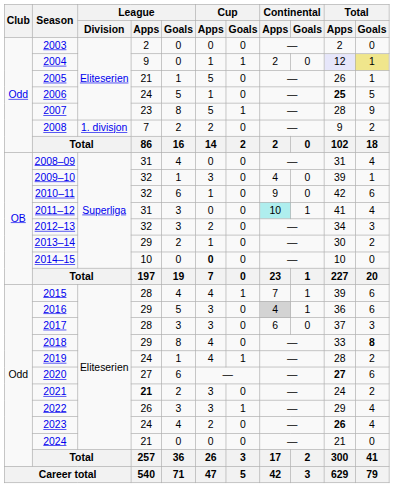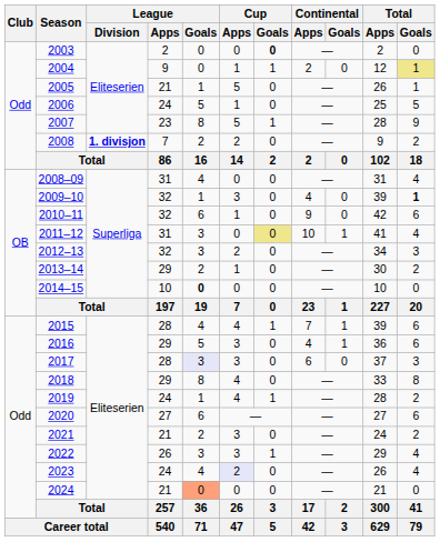 <table class="wikitable" style="text-align: center;">
 <tr>
 <th rowspan="2">Club</th>
 <th rowspan="2">Season</th>
 <th colspan="3">League</th>
 <th colspan="2">Cup</th>
 <th colspan="2">Continental</th>
 <th colspan="2">Total</th>
 </tr>
 <tr>
 <th>Division</th>
 <th>Apps</th>
 <th>Goals</th>
 <th>Apps</th>
 <th>Goals</th>
 <th>Apps</th>
 <th>Goals</th>
 <th>Apps</th>
 <th>Goals</th>
 </tr>
 <tr>
 <td rowspan="7" valign="center"><a href='#'>Odd</a></td>
 <td><a href='#'>2003</a></td>
 <td rowspan="5" valign="center"><a href='#'>Eliteserien</a></td>
 <td>2</td>
 <td>0</td>
 <td>0</td>
-<td>0</td>
+<td><strong>0</strong></td>
 <td colspan="2">—</td>
 <td>2</td>
 <td>0</td>
 </tr>
 <tr>
 <td><a href='#'>2004</a></td>
 <td>9</td>
 <td>0</td>
 <td>1</td>
 <td>1</td>
 <td>2</td>
 <td>0</td>
-<td style="background: lavender;">12</td>
+<td>12</td>
 <td style="background: khaki;">1</td>
 </tr>
 <tr>
 <td><a href='#'>2005</a></td>
 <td>21</td>
 <td>1</td>
 <td>5</td>
 <td>0</td>
 <td colspan="2">—</td>
 <td>26</td>
 <td>1</td>
 </tr>
 <tr>
 <td><a href='#'>2006</a></td>
 <td>24</td>
 <td>5</td>
 <td>1</td>
 <td>0</td>
 <td colspan="2">—</td>
-<td><strong>25</strong></td>
+<td>25</td>
 <td>5</td>
 </tr>
 <tr>
 <td><a href='#'>2007</a></td>
 <td>23</td>
 <td>8</td>
 <td>5</td>
 <td>1</td>
 <td colspan="2">—</td>
 <td>28</td>
 <td>9</td>
 </tr>
 <tr>
 <td><a href='#'>2008</a></td>
-<td><a href='#'>1. divisjon</a></td>
+<td><strong><a href='#'>1. divisjon</a></strong></td>
 <td>7</td>
 <td>2</td>
 <td>2</td>
 <td>0</td>
 <td colspan="2">—</td>
 <td>9</td>
 <td>2</td>
 </tr>
 <tr>
 <th colspan="2">Total</th>
 <th>86</th>
 <th>16</th>
 <th>14</th>
 <th>2</th>
 <th>2</th>
 <th>0</th>
 <th>102</th>
 <th>18</th>
 </tr>
 <tr>
 <td rowspan="8" valign="center"><a href='#'>OB</a></td>
 <td><a href='#'>2008–09</a></td>
 <td rowspan="7" valign="center"><a href='#'>Superliga</a></td>
 <td>31</td>
 <td>4</td>
 <td>0</td>
 <td>0</td>
 <td colspan="2">—</td>
 <td>31</td>
 <td>4</td>
 </tr>
 <tr>
 <td><a href='#'>2009–10</a></td>
 <td>32</td>
 <td>1</td>
 <td>3</td>
 <td>0</td>
 <td>4</td>
 <td>0</td>
 <td>39</td>
-<td>1</td>
+<td><strong>1</strong></td>
 </tr>
 <tr>
 <td><a href='#'>2010–11</a></td>
 <td>32</td>
 <td>6</td>
 <td>1</td>
 <td>0</td>
 <td>9</td>
 <td>0</td>
 <td>42</td>
 <td>6</td>
 </tr>
 <tr>
 <td><a href='#'>2011–12</a></td>
 <td>31</td>
 <td>3</td>
 <td>0</td>
-<td>0</td>
-<td style="background: paleturquoise;">10</td>
+<td style="background: khaki;">0</td>
+<td>10</td>
 <td>1</td>
 <td>41</td>
 <td>4</td>
 </tr>
 <tr>
 <td><a href='#'>2012–13</a></td>
 <td>32</td>
 <td>3</td>
 <td>2</td>
 <td>0</td>
 <td colspan="2">—</td>
 <td>34</td>
 <td>3</td>
 </tr>
 <tr>
 <td><a href='#'>2013–14</a></td>
 <td>29</td>
 <td>2</td>
 <td>1</td>
 <td>0</td>
 <td colspan="2">—</td>
 <td>30</td>
 <td>2</td>
 </tr>
 <tr>
 <td><a href='#'>2014–15</a></td>
 <td>10</td>
+<td><strong>0</strong></td>
 <td>0</td>
-<td><strong>0</strong></td>
 <td>0</td>
 <td colspan="2">—</td>
 <td>10</td>
 <td>0</td>
 </tr>
 <tr>
 <th colspan="2">Total</th>
 <th>197</th>
 <th>19</th>
 <th>7</th>
 <th>0</th>
 <th>23</th>
 <th>1</th>
 <th>227</th>
 <th>20</th>
 </tr>
 <tr>
 <td rowspan="11" valign="center">Odd</td>
 <td><a href='#'>2015</a></td>
 <td rowspan="10" valign="center">Eliteserien</td>
 <td>28</td>
 <td>4</td>
 <td>4</td>
 <td>1</td>
 <td>7</td>
 <td>1</td>
 <td>39</td>
 <td>6</td>
 </tr>
 <tr>
 <td><a href='#'>2016</a></td>
 <td>29</td>
 <td>5</td>
 <td>3</td>
 <td>0</td>
-<td style="background: lightgrey;">4</td>
+<td>4</td>
 <td>1</td>
 <td>36</td>
 <td>6</td>
 </tr>
 <tr>
 <td><a href='#'>2017</a></td>
 <td>28</td>
-<td>3</td>
+<td style="background: lavender;">3</td>
 <td>3</td>
 <td>0</td>
 <td>6</td>
 <td>0</td>
 <td>37</td>
 <td>3</td>
 </tr>
 <tr>
 <td><a href='#'>2018</a></td>
 <td>29</td>
 <td>8</td>
 <td>4</td>
 <td>0</td>
 <td colspan="2">—</td>
 <td>33</td>
-<td><strong>8</strong></td>
+<td>8</td>
 </tr>
 <tr>
 <td><a href='#'>2019</a></td>
 <td>24</td>
 <td>1</td>
 <td>4</td>
 <td>1</td>
 <td colspan="2">—</td>
 <td>28</td>
 <td>2</td>
 </tr>
 <tr>
 <td><a href='#'>2020</a></td>
 <td>27</td>
 <td>6</td>
 <td colspan="2">—</td>
 <td colspan="2">—</td>
-<td><strong>27</strong></td>
+<td>27</td>
 <td>6</td>
 </tr>
 <tr>
 <td><a href='#'>2021</a></td>
-<td><strong>21</strong></td>
+<td>21</td>
 <td>2</td>
 <td>3</td>
 <td>0</td>
 <td colspan="2">—</td>
 <td>24</td>
 <td>2</td>
 </tr>
 <tr>
 <td><a href='#'>2022</a></td>
 <td>26</td>
 <td>3</td>
 <td>3</td>
 <td>1</td>
 <td colspan="2">—</td>
 <td>29</td>
 <td>4</td>
 </tr>
 <tr>
 <td><a href='#'>2023</a></td>
 <td>24</td>
 <td>4</td>
-<td>2</td>
+<td style="background: lavender;">2</td>
 <td>0</td>
 <td colspan="2">—</td>
-<td><strong>26</strong></td>
+<td>26</td>
 <td>4</td>
 </tr>
 <tr>
 <td><a href='#'>2024</a></td>
 <td>21</td>
-<td>0</td>
+<td style="background: lightsalmon;">0</td>
 <td>0</td>
 <td>0</td>
 <td colspan="2">—</td>
 <td>21</td>
 <td>0</td>
 </tr>
 <tr>
 <th colspan="2">Total</th>
 <th>257</th>
 <th>36</th>
 <th>26</th>
 <th>3</th>
 <th>17</th>
 <th>2</th>
 <th>300</th>
 <th>41</th>
 </tr>
 <tr>
 <th colspan="3">Career total</th>
 <th>540</th>
 <th>71</th>
 <th>47</th>
 <th>5</th>
 <th>42</th>
 <th>3</th>
 <th>629</th>
 <th>79</th>
 </tr>
 </table>
